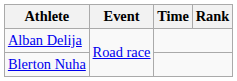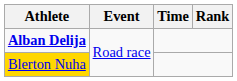 <table class=wikitable style="font-size:90%;">
 <tr>
 <th>Athlete</th>
 <th>Event</th>
 <th>Time</th>
 <th>Rank</th>
 </tr>
 <tr align=center>
-<td align=left><a href='#'>Alban Delija</a></td>
+<td align=left><strong><a href='#'>Alban Delija</a></strong></td>
 <td align=left rowspan=2><a href='#'>Road race</a></td>
 <td colspan=2></td>
 </tr>
 <tr align=center>
-<td align=left><a href='#'>Blerton Nuha</a></td>
+<td align=left style="background: gold;"><a href='#'>Blerton Nuha</a></td>
 <td colspan=2></td>
 </tr>
 </table>
